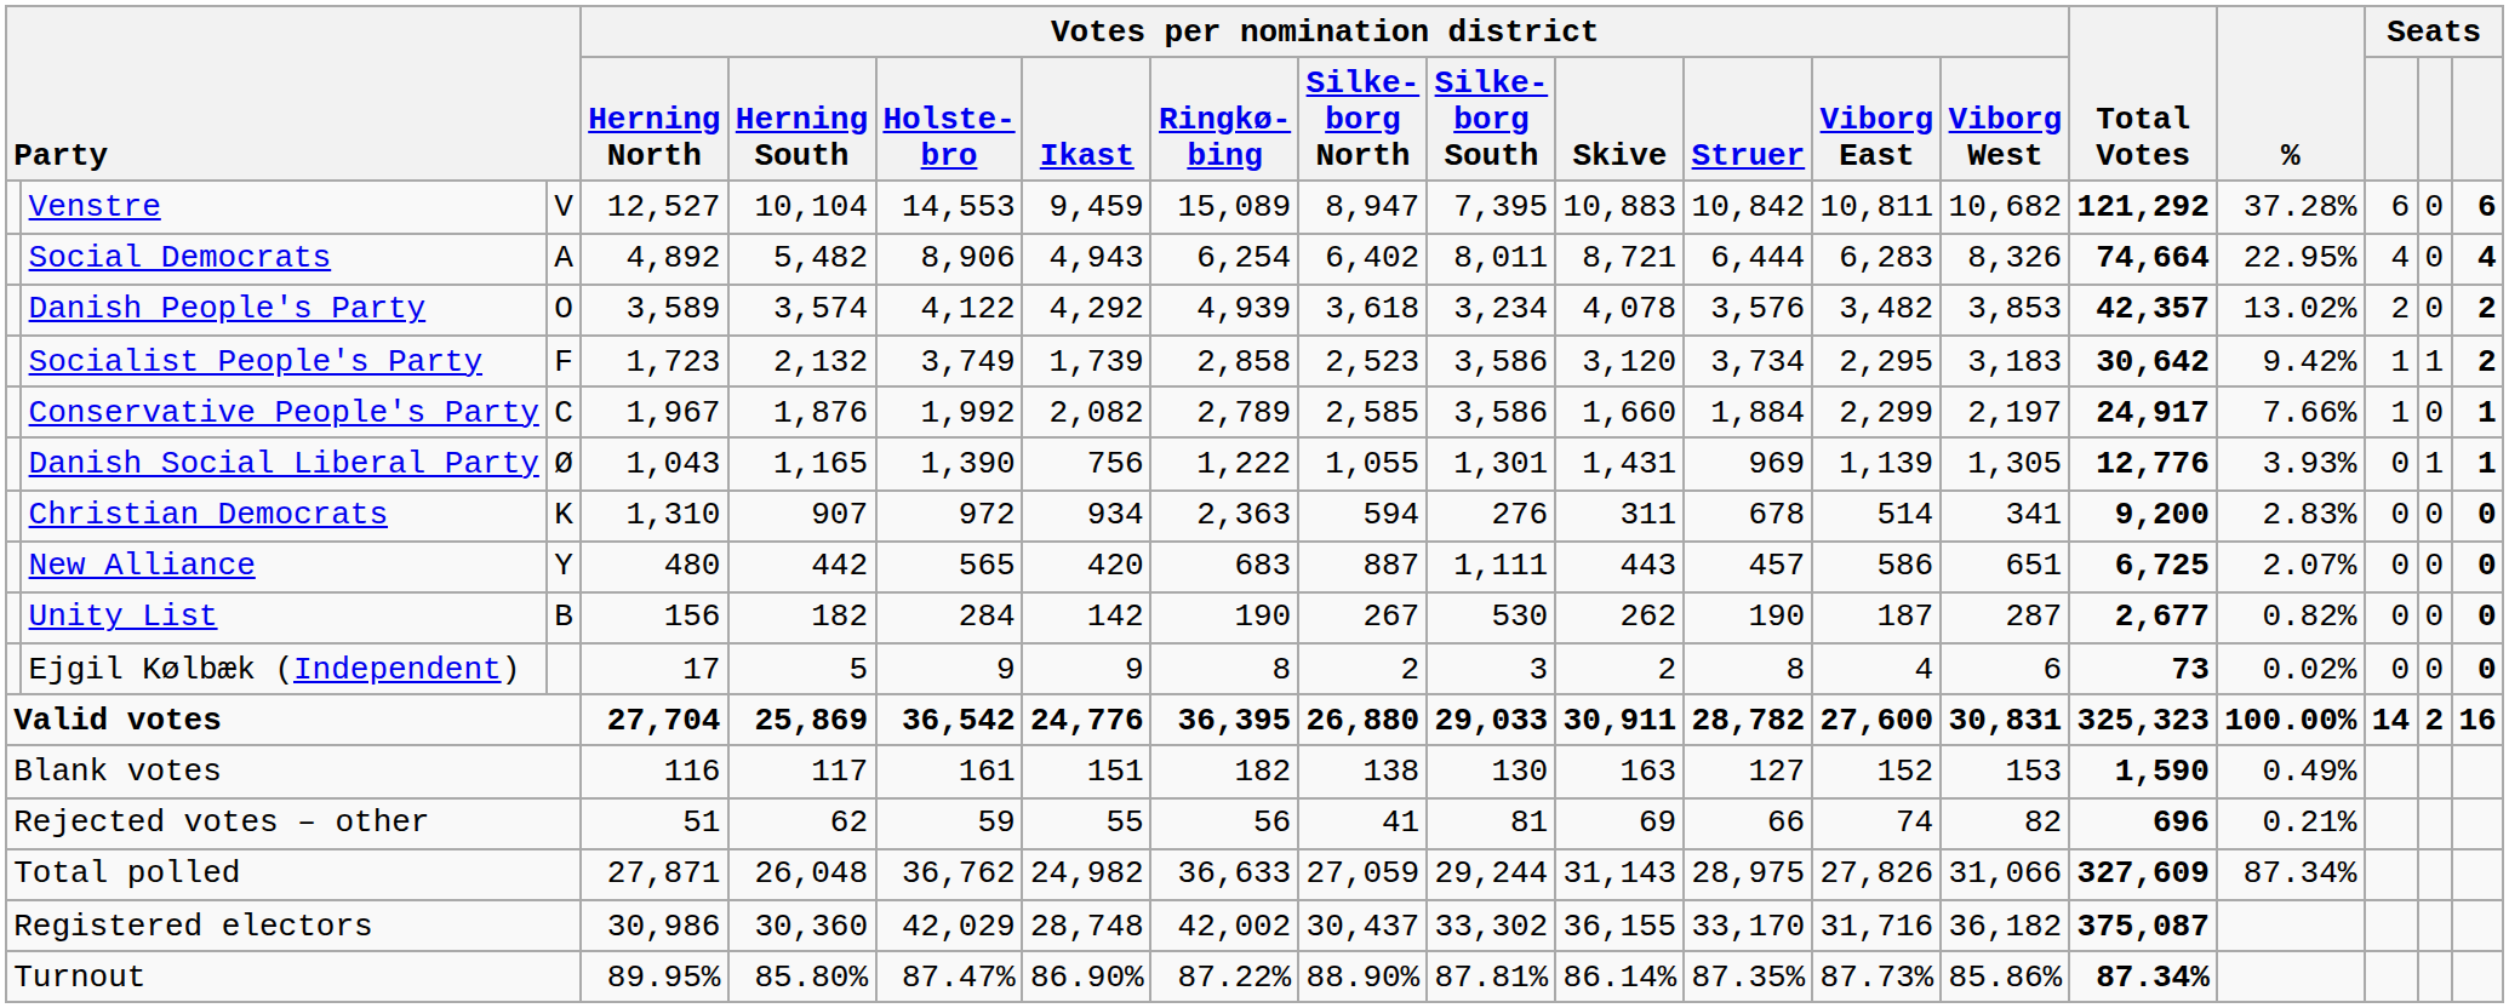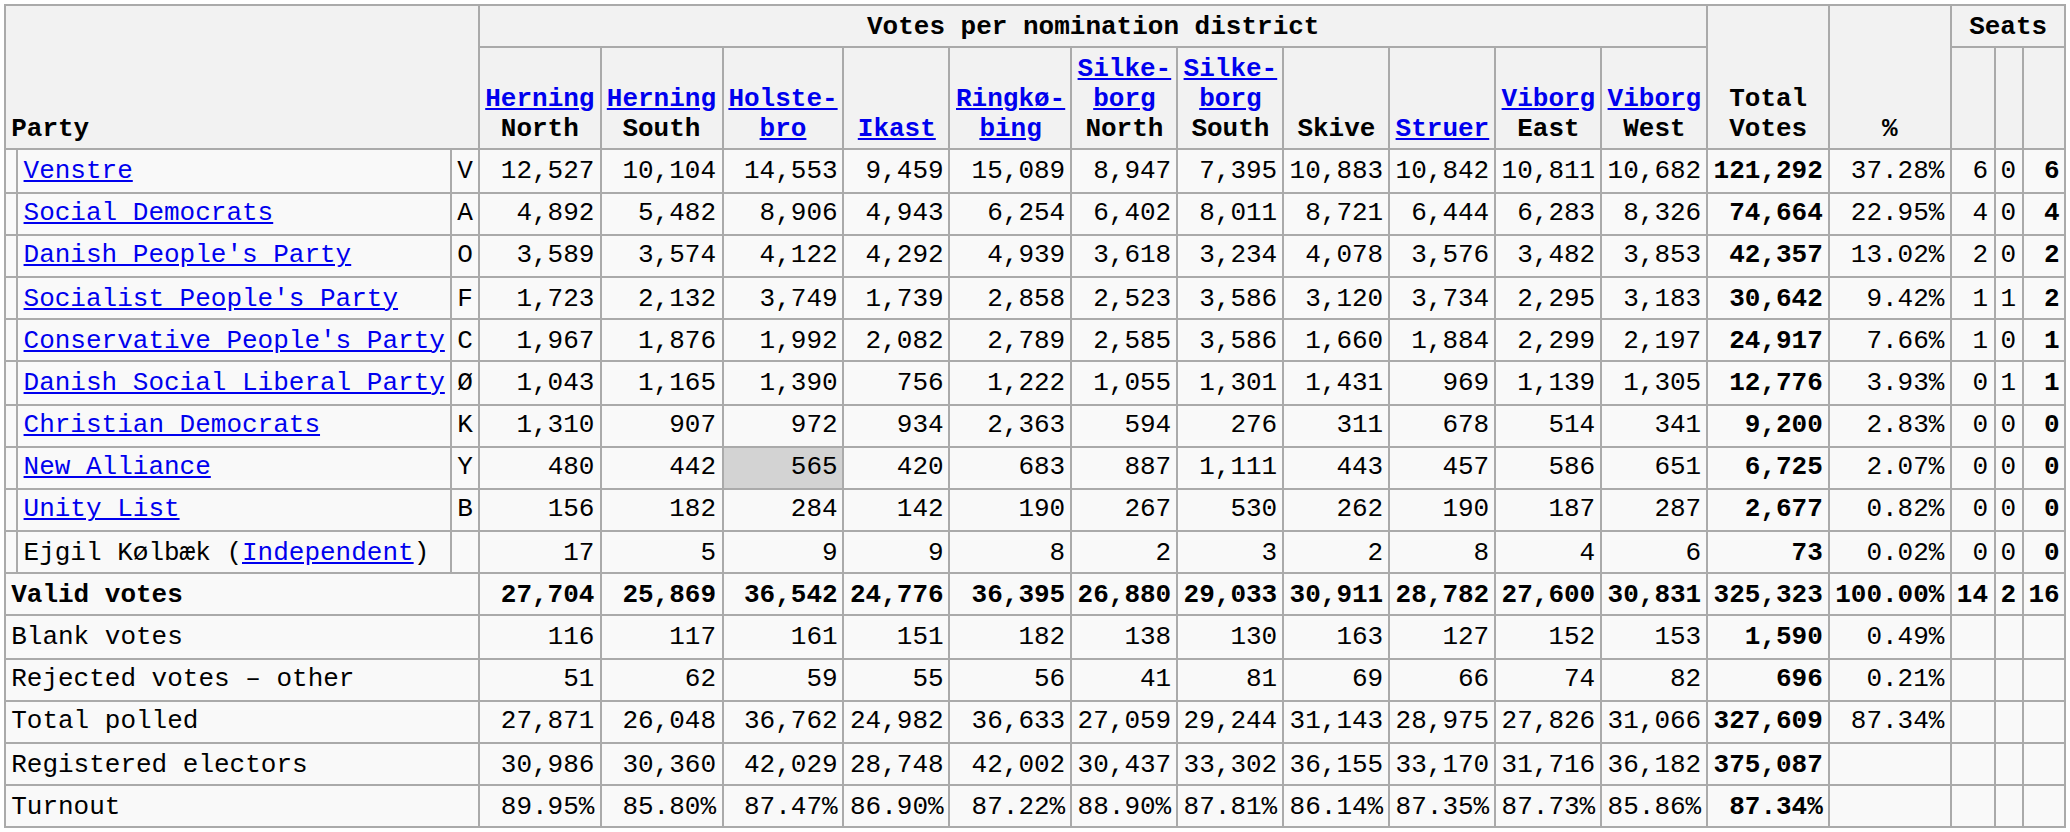 <table class="wikitable" border="1" style="text-align:right;">
 <tr>
 <th style="text-align:left;" valign=bottom rowspan=2 colspan=3>Party</th>
 <th colspan=11>Votes per nomination district</th>
 <th align=center valign=bottom rowspan=2 width="50">Total Votes</th>
 <th align=center valign=bottom rowspan=2 width="50">%</th>
 <th colspan=3>Seats</th>
 </tr>
 <tr>
 <th align=center valign=bottom width="50"><a href='#'>Herning</a> North</th>
 <th align=center valign=bottom width="50"><a href='#'>Herning</a> South</th>
 <th align=center valign=bottom width="50"><a href='#'>Holste- bro</a></th>
 <th align=center valign=bottom width="50"><a href='#'>Ikast</a></th>
 <th align=center valign=bottom width="50"><a href='#'>Ringkø- bing</a></th>
 <th align=center valign=bottom width="50"><a href='#'>Silke- borg</a> North</th>
 <th align=center valign=bottom width="50"><a href='#'>Silke- borg</a> South</th>
 <th align=center valign=bottom width="50">Skive</th>
 <th align=center valign=bottom width="50"><a href='#'>Struer</a></th>
 <th align=center valign=bottom width="50"><a href='#'>Viborg</a> East</th>
 <th align=center valign=bottom width="50"><a href='#'>Viborg</a> West</th>
 <th align=center valign=bottom width="20"><small></small></th>
 <th align=center valign=bottom width="20"><small><a href='#'></a></small></th>
 <th align=center valign=bottom width="20"><small></small></th>
 </tr>
 <tr>
 <td></td>
 <td align=left><a href='#'>Venstre</a></td>
 <td align=left>V</td>
 <td>12,527</td>
 <td>10,104</td>
 <td>14,553</td>
 <td>9,459</td>
 <td>15,089</td>
 <td>8,947</td>
 <td>7,395</td>
 <td>10,883</td>
 <td>10,842</td>
 <td>10,811</td>
 <td>10,682</td>
 <td><strong>121,292</strong></td>
 <td>37.28%</td>
 <td>6</td>
 <td>0</td>
 <td><strong>6</strong></td>
 </tr>
 <tr>
 <td></td>
 <td align=left><a href='#'>Social Democrats</a></td>
 <td align=left>A</td>
 <td>4,892</td>
 <td>5,482</td>
 <td>8,906</td>
 <td>4,943</td>
 <td>6,254</td>
 <td>6,402</td>
 <td>8,011</td>
 <td>8,721</td>
 <td>6,444</td>
 <td>6,283</td>
 <td>8,326</td>
 <td><strong>74,664</strong></td>
 <td>22.95%</td>
 <td>4</td>
 <td>0</td>
 <td><strong>4</strong></td>
 </tr>
 <tr>
 <td></td>
 <td align=left><a href='#'>Danish People's Party</a></td>
 <td align=left>O</td>
 <td>3,589</td>
 <td>3,574</td>
 <td>4,122</td>
 <td>4,292</td>
 <td>4,939</td>
 <td>3,618</td>
 <td>3,234</td>
 <td>4,078</td>
 <td>3,576</td>
 <td>3,482</td>
 <td>3,853</td>
 <td><strong>42,357</strong></td>
 <td>13.02%</td>
 <td>2</td>
 <td>0</td>
 <td><strong>2</strong></td>
 </tr>
 <tr>
 <td></td>
 <td align=left><a href='#'>Socialist People's Party</a></td>
 <td align=left>F</td>
 <td>1,723</td>
 <td>2,132</td>
 <td>3,749</td>
 <td>1,739</td>
 <td>2,858</td>
 <td>2,523</td>
 <td>3,586</td>
 <td>3,120</td>
 <td>3,734</td>
 <td>2,295</td>
 <td>3,183</td>
 <td><strong>30,642</strong></td>
 <td>9.42%</td>
 <td>1</td>
 <td>1</td>
 <td><strong>2</strong></td>
 </tr>
 <tr>
 <td></td>
 <td align=left style="white-space: nowrap;"><a href='#'>Conservative People's Party</a></td>
 <td align=left>C</td>
 <td>1,967</td>
 <td>1,876</td>
 <td>1,992</td>
 <td>2,082</td>
 <td>2,789</td>
 <td>2,585</td>
 <td>3,586</td>
 <td>1,660</td>
 <td>1,884</td>
 <td>2,299</td>
 <td>2,197</td>
 <td><strong>24,917</strong></td>
 <td>7.66%</td>
 <td>1</td>
 <td>0</td>
 <td><strong>1</strong></td>
 </tr>
 <tr>
 <td></td>
 <td align=left><a href='#'>Danish Social Liberal Party</a></td>
 <td align=left>Ø</td>
 <td>1,043</td>
 <td>1,165</td>
 <td>1,390</td>
 <td>756</td>
 <td>1,222</td>
 <td>1,055</td>
 <td>1,301</td>
 <td>1,431</td>
 <td>969</td>
 <td>1,139</td>
 <td>1,305</td>
 <td><strong>12,776</strong></td>
 <td>3.93%</td>
 <td>0</td>
 <td>1</td>
 <td><strong>1</strong></td>
 </tr>
 <tr>
 <td></td>
 <td align=left><a href='#'>Christian Democrats</a></td>
 <td align=left>K</td>
 <td>1,310</td>
 <td>907</td>
 <td>972</td>
 <td>934</td>
 <td>2,363</td>
 <td>594</td>
 <td>276</td>
 <td>311</td>
 <td>678</td>
 <td>514</td>
 <td>341</td>
 <td><strong>9,200</strong></td>
 <td>2.83%</td>
 <td>0</td>
 <td>0</td>
 <td><strong>0</strong></td>
 </tr>
 <tr>
 <td></td>
 <td align=left><a href='#'>New Alliance</a></td>
 <td align=left>Y</td>
 <td>480</td>
 <td>442</td>
-<td>565</td>
+<td style="background: lightgrey;">565</td>
 <td>420</td>
 <td>683</td>
 <td>887</td>
 <td>1,111</td>
 <td>443</td>
 <td>457</td>
 <td>586</td>
 <td>651</td>
 <td><strong>6,725</strong></td>
 <td>2.07%</td>
 <td>0</td>
 <td>0</td>
 <td><strong>0</strong></td>
 </tr>
 <tr>
 <td></td>
 <td align=left><a href='#'>Unity List</a></td>
 <td align=left>B</td>
 <td>156</td>
 <td>182</td>
 <td>284</td>
 <td>142</td>
 <td>190</td>
 <td>267</td>
 <td>530</td>
 <td>262</td>
 <td>190</td>
 <td>187</td>
 <td>287</td>
 <td><strong>2,677</strong></td>
 <td>0.82%</td>
 <td>0</td>
 <td>0</td>
 <td><strong>0</strong></td>
 </tr>
 <tr>
 <td></td>
 <td align=left>Ejgil Kølbæk (<a href='#'>Independent</a>)</td>
 <td></td>
 <td>17</td>
 <td>5</td>
 <td>9</td>
 <td>9</td>
 <td>8</td>
 <td>2</td>
 <td>3</td>
 <td>2</td>
 <td>8</td>
 <td>4</td>
 <td>6</td>
 <td><strong>73</strong></td>
 <td>0.02%</td>
 <td>0</td>
 <td>0</td>
 <td><strong>0</strong></td>
 </tr>
 <tr style="font-weight:bold">
 <td align=left colspan=3>Valid votes</td>
 <td>27,704</td>
 <td>25,869</td>
 <td>36,542</td>
 <td>24,776</td>
 <td>36,395</td>
 <td>26,880</td>
 <td>29,033</td>
 <td>30,911</td>
 <td>28,782</td>
 <td>27,600</td>
 <td>30,831</td>
 <td>325,323</td>
 <td>100.00%</td>
 <td>14</td>
 <td>2</td>
 <td>16</td>
 </tr>
 <tr>
 <td align=left colspan=3>Blank votes</td>
 <td>116</td>
 <td>117</td>
 <td>161</td>
 <td>151</td>
 <td>182</td>
 <td>138</td>
 <td>130</td>
 <td>163</td>
 <td>127</td>
 <td>152</td>
 <td>153</td>
 <td><strong>1,590</strong></td>
 <td>0.49%</td>
 <td></td>
 <td></td>
 <td></td>
 </tr>
 <tr>
 <td align=left colspan=3>Rejected votes – other</td>
 <td>51</td>
 <td>62</td>
 <td>59</td>
 <td>55</td>
 <td>56</td>
 <td>41</td>
 <td>81</td>
 <td>69</td>
 <td>66</td>
 <td>74</td>
 <td>82</td>
 <td><strong>696</strong></td>
 <td>0.21%</td>
 <td></td>
 <td></td>
 <td></td>
 </tr>
 <tr>
 <td align=left colspan=3>Total polled</td>
 <td>27,871</td>
 <td>26,048</td>
 <td>36,762</td>
 <td>24,982</td>
 <td>36,633</td>
 <td>27,059</td>
 <td>29,244</td>
 <td>31,143</td>
 <td>28,975</td>
 <td>27,826</td>
 <td>31,066</td>
 <td><strong>327,609</strong></td>
 <td>87.34%</td>
 <td></td>
 <td></td>
 <td></td>
 </tr>
 <tr>
 <td align=left colspan=3>Registered electors</td>
 <td>30,986</td>
 <td>30,360</td>
 <td>42,029</td>
 <td>28,748</td>
 <td>42,002</td>
 <td>30,437</td>
 <td>33,302</td>
 <td>36,155</td>
 <td>33,170</td>
 <td>31,716</td>
 <td>36,182</td>
 <td><strong>375,087</strong></td>
 <td></td>
 <td></td>
 <td></td>
 <td></td>
 </tr>
 <tr>
 <td align=left colspan=3>Turnout</td>
 <td>89.95%</td>
 <td>85.80%</td>
 <td>87.47%</td>
 <td>86.90%</td>
 <td>87.22%</td>
 <td>88.90%</td>
 <td>87.81%</td>
 <td>86.14%</td>
 <td>87.35%</td>
 <td>87.73%</td>
 <td>85.86%</td>
 <td><strong>87.34%</strong></td>
 <td></td>
 <td></td>
 <td></td>
 <td></td>
 </tr>
 </table>
